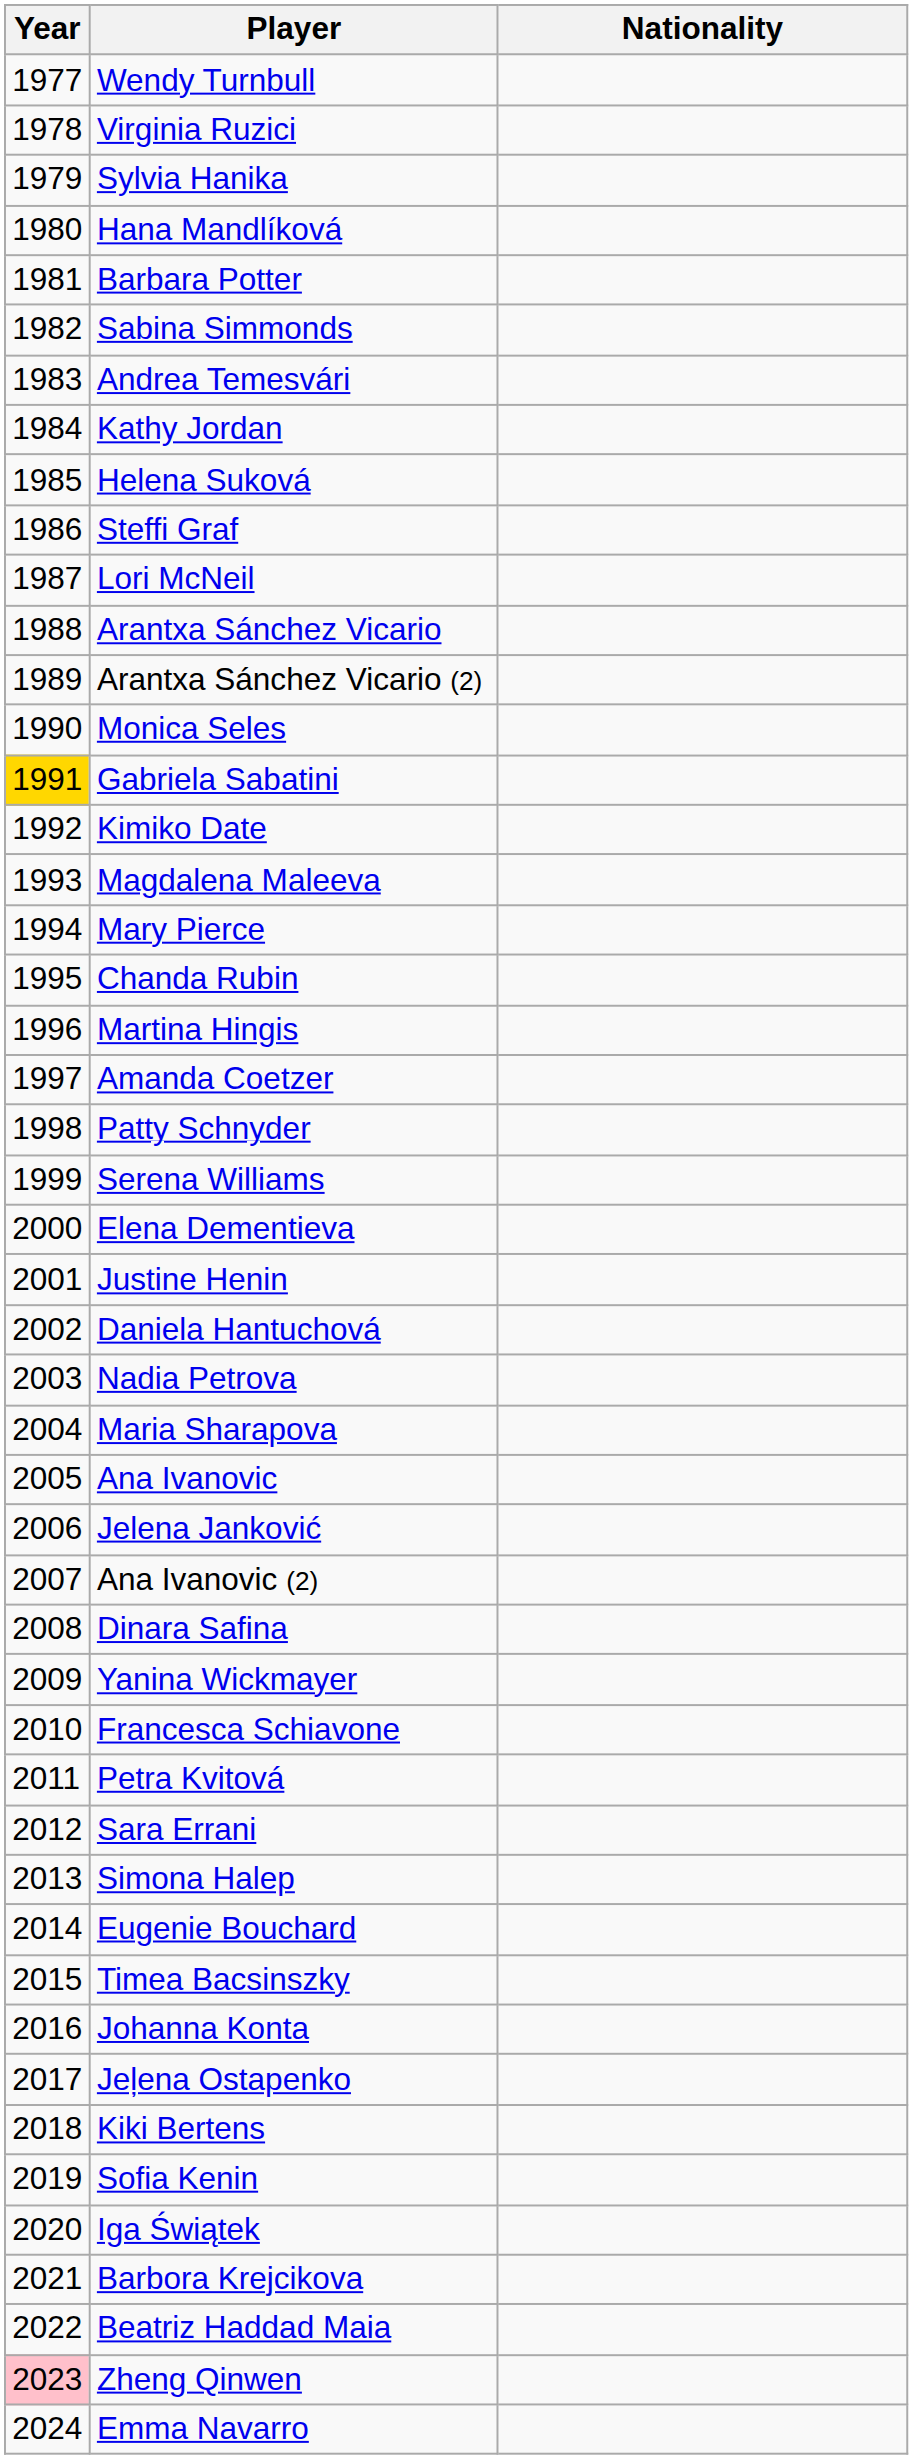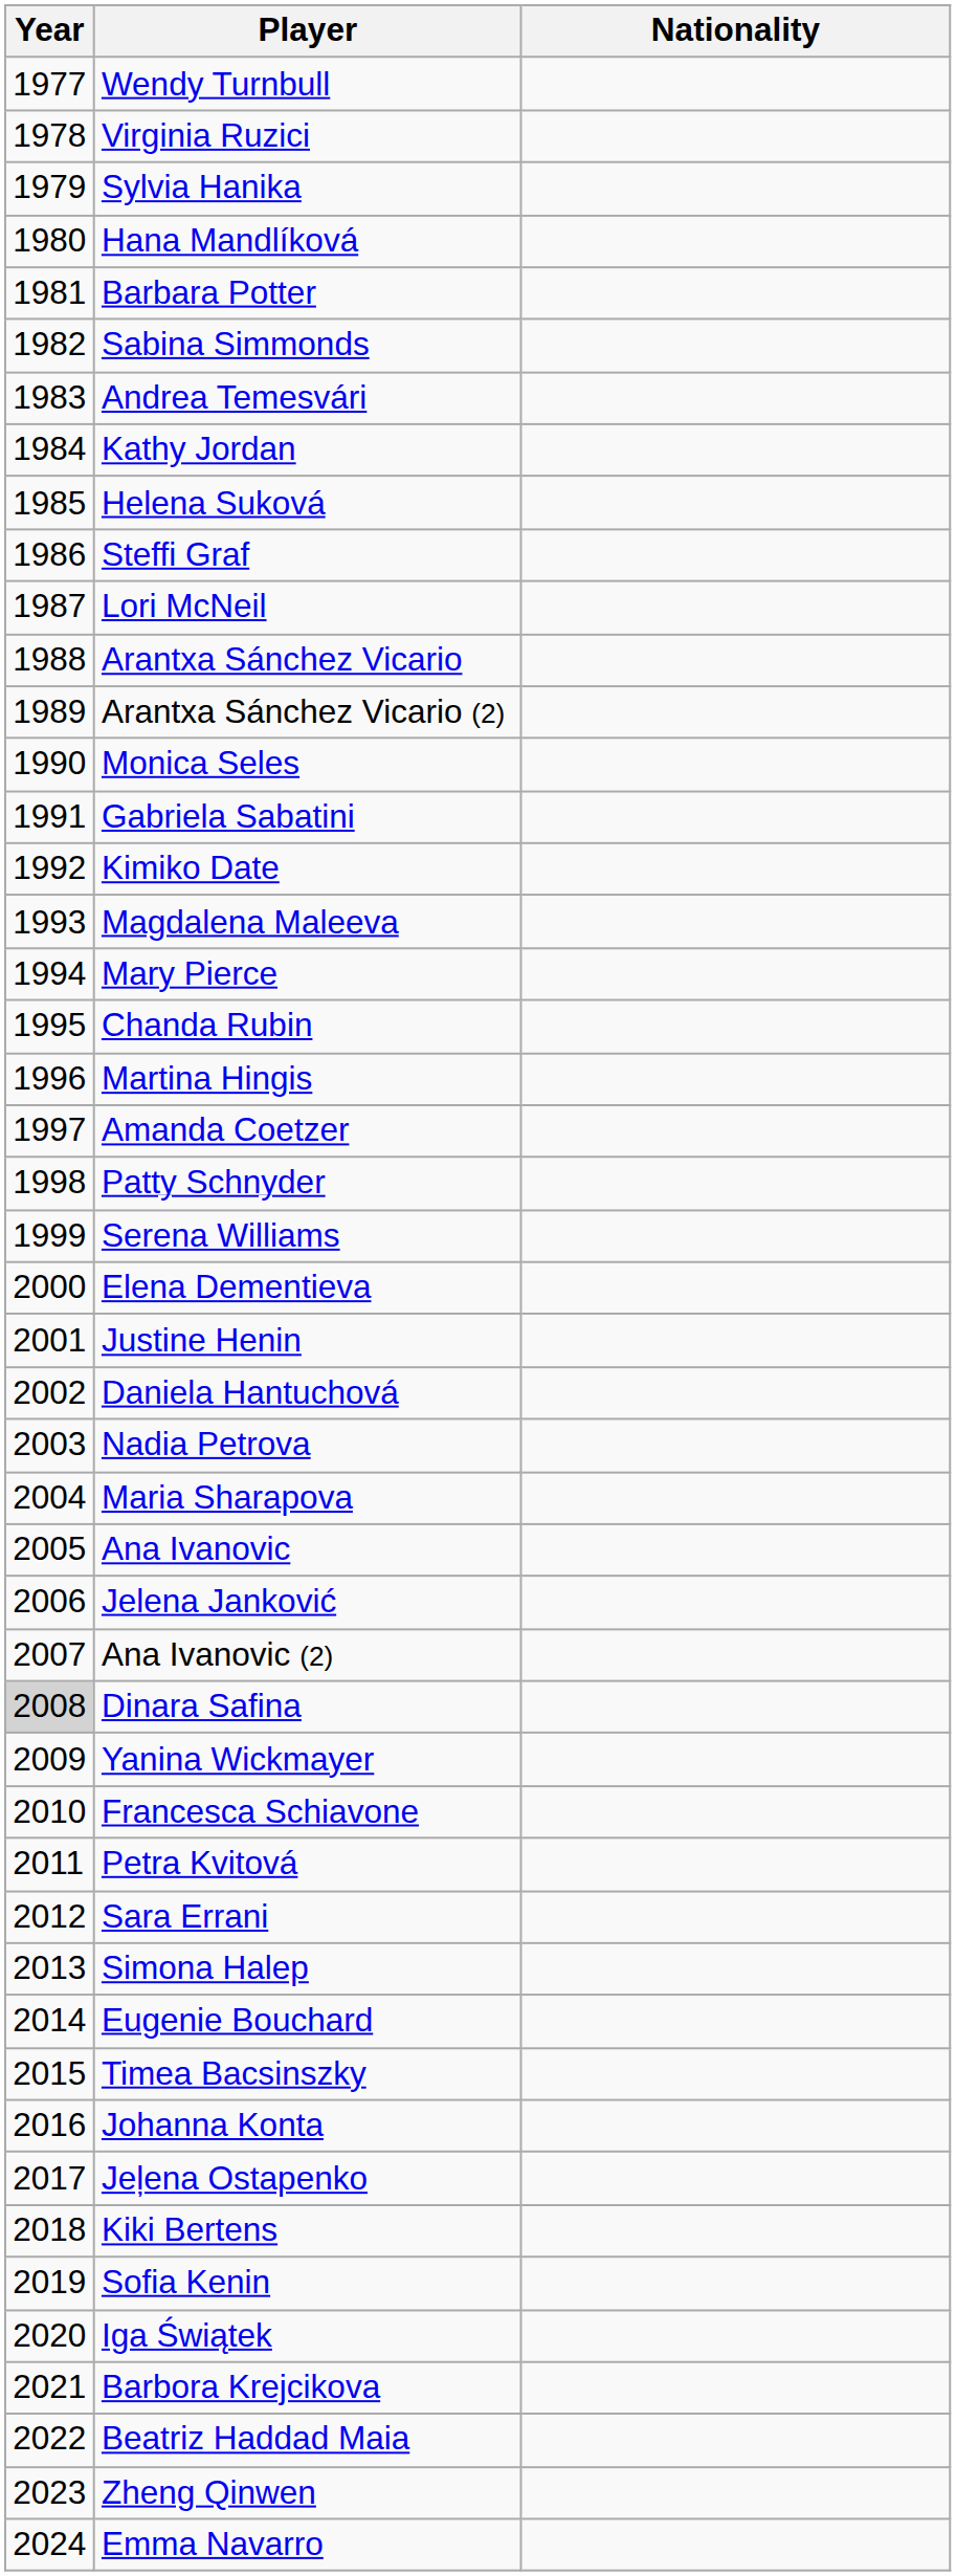 <table class="wikitable">
 <tr>
 <th>Year</th>
 <th width=200>Player</th>
 <th width=200>Nationality</th>
 </tr>
 <tr>
 <td>1977</td>
 <td><a href='#'>Wendy Turnbull</a></td>
 <td></td>
 </tr>
 <tr>
 <td>1978</td>
 <td><a href='#'>Virginia Ruzici</a></td>
 <td></td>
 </tr>
 <tr>
 <td>1979</td>
 <td><a href='#'>Sylvia Hanika</a></td>
 <td></td>
 </tr>
 <tr>
 <td>1980</td>
 <td><a href='#'>Hana Mandlíková</a></td>
 <td></td>
 </tr>
 <tr>
 <td>1981</td>
 <td><a href='#'>Barbara Potter</a></td>
 <td></td>
 </tr>
 <tr>
 <td>1982</td>
 <td><a href='#'>Sabina Simmonds</a></td>
 <td></td>
 </tr>
 <tr>
 <td>1983</td>
 <td><a href='#'>Andrea Temesvári</a></td>
 <td></td>
 </tr>
 <tr>
 <td>1984</td>
 <td><a href='#'>Kathy Jordan</a></td>
 <td></td>
 </tr>
 <tr>
 <td>1985</td>
 <td><a href='#'>Helena Suková</a></td>
 <td></td>
 </tr>
 <tr>
 <td>1986</td>
 <td><a href='#'>Steffi Graf</a></td>
 <td></td>
 </tr>
 <tr>
 <td>1987</td>
 <td><a href='#'>Lori McNeil</a></td>
 <td></td>
 </tr>
 <tr>
 <td>1988</td>
 <td><a href='#'>Arantxa Sánchez Vicario</a></td>
 <td></td>
 </tr>
 <tr>
 <td>1989</td>
 <td>Arantxa Sánchez Vicario <small>(2)</small></td>
 <td></td>
 </tr>
 <tr>
 <td>1990</td>
 <td><a href='#'>Monica Seles</a></td>
 <td></td>
 </tr>
 <tr>
-<td style="background: gold;">1991</td>
+<td>1991</td>
 <td><a href='#'>Gabriela Sabatini</a></td>
 <td></td>
 </tr>
 <tr>
 <td>1992</td>
 <td><a href='#'>Kimiko Date</a></td>
 <td></td>
 </tr>
 <tr>
 <td>1993</td>
 <td><a href='#'>Magdalena Maleeva</a></td>
 <td></td>
 </tr>
 <tr>
 <td>1994</td>
 <td><a href='#'>Mary Pierce</a></td>
 <td></td>
 </tr>
 <tr>
 <td>1995</td>
 <td><a href='#'>Chanda Rubin</a></td>
 <td></td>
 </tr>
 <tr>
 <td>1996</td>
 <td><a href='#'>Martina Hingis</a></td>
 <td></td>
 </tr>
 <tr>
 <td>1997</td>
 <td><a href='#'>Amanda Coetzer</a></td>
 <td></td>
 </tr>
 <tr>
 <td>1998</td>
 <td><a href='#'>Patty Schnyder</a></td>
 <td></td>
 </tr>
 <tr>
 <td>1999</td>
 <td><a href='#'>Serena Williams</a></td>
 <td></td>
 </tr>
 <tr>
 <td>2000</td>
 <td><a href='#'>Elena Dementieva</a></td>
 <td></td>
 </tr>
 <tr>
 <td>2001</td>
 <td><a href='#'>Justine Henin</a></td>
 <td></td>
 </tr>
 <tr>
 <td>2002</td>
 <td><a href='#'>Daniela Hantuchová</a></td>
 <td></td>
 </tr>
 <tr>
 <td>2003</td>
 <td><a href='#'>Nadia Petrova</a></td>
 <td></td>
 </tr>
 <tr>
 <td>2004</td>
 <td><a href='#'>Maria Sharapova</a></td>
 <td></td>
 </tr>
 <tr>
 <td>2005</td>
 <td><a href='#'>Ana Ivanovic</a></td>
 <td></td>
 </tr>
 <tr>
 <td>2006</td>
 <td><a href='#'>Jelena Janković</a></td>
 <td></td>
 </tr>
 <tr>
 <td>2007</td>
 <td>Ana Ivanovic <small>(2)</small></td>
 <td></td>
 </tr>
 <tr>
-<td>2008</td>
+<td style="background: lightgrey;">2008</td>
 <td><a href='#'>Dinara Safina</a></td>
 <td></td>
 </tr>
 <tr>
 <td>2009</td>
 <td><a href='#'>Yanina Wickmayer</a></td>
 <td></td>
 </tr>
 <tr>
 <td>2010</td>
 <td><a href='#'>Francesca Schiavone</a></td>
 <td></td>
 </tr>
 <tr>
 <td>2011</td>
 <td><a href='#'>Petra Kvitová</a></td>
 <td></td>
 </tr>
 <tr>
 <td>2012</td>
 <td><a href='#'>Sara Errani</a></td>
 <td></td>
 </tr>
 <tr>
 <td>2013</td>
 <td><a href='#'>Simona Halep</a></td>
 <td></td>
 </tr>
 <tr>
 <td>2014</td>
 <td><a href='#'>Eugenie Bouchard</a></td>
 <td></td>
 </tr>
 <tr>
 <td>2015</td>
 <td><a href='#'>Timea Bacsinszky</a></td>
 <td></td>
 </tr>
 <tr>
 <td>2016</td>
 <td><a href='#'>Johanna Konta</a></td>
 <td></td>
 </tr>
 <tr>
 <td>2017</td>
 <td><a href='#'>Jeļena Ostapenko</a></td>
 <td></td>
 </tr>
 <tr>
 <td>2018</td>
 <td><a href='#'>Kiki Bertens</a></td>
 <td></td>
 </tr>
 <tr>
 <td>2019</td>
 <td><a href='#'>Sofia Kenin</a></td>
 <td></td>
 </tr>
 <tr>
 <td>2020</td>
 <td><a href='#'>Iga Świątek</a></td>
 <td></td>
 </tr>
 <tr>
 <td>2021</td>
 <td><a href='#'>Barbora Krejcikova</a></td>
 <td></td>
 </tr>
 <tr>
 <td>2022</td>
 <td><a href='#'>Beatriz Haddad Maia</a></td>
 <td></td>
 </tr>
 <tr>
-<td style="background: pink;">2023</td>
+<td>2023</td>
 <td><a href='#'>Zheng Qinwen</a></td>
 <td></td>
 </tr>
 <tr>
 <td>2024</td>
 <td><a href='#'>Emma Navarro</a></td>
 <td></td>
 </tr>
 </table>
